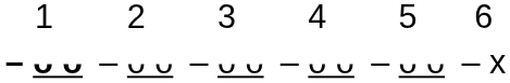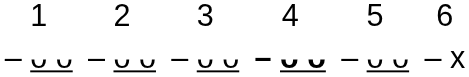 <table style="text-align: center;">
 <tr>
 <td>1</td>
 <td></td>
 <td>2</td>
 <td></td>
 <td>3</td>
 <td></td>
 <td>4</td>
 <td></td>
 <td>5</td>
 <td></td>
 <td>6</td>
 </tr>
 <tr>
-<td><strong>– <u>ᴗ ᴗ</u></strong></td>
-<td></td>
 <td>– <u>ᴗ ᴗ</u></td>
 <td></td>
 <td>– <u>ᴗ ᴗ</u></td>
 <td></td>
 <td>– <u>ᴗ ᴗ</u></td>
 <td></td>
+<td><strong>– <u>ᴗ ᴗ</u></strong></td>
+<td></td>
 <td>– <u>ᴗ ᴗ</u></td>
 <td></td>
 <td>– x</td>
 </tr>
 </table>
